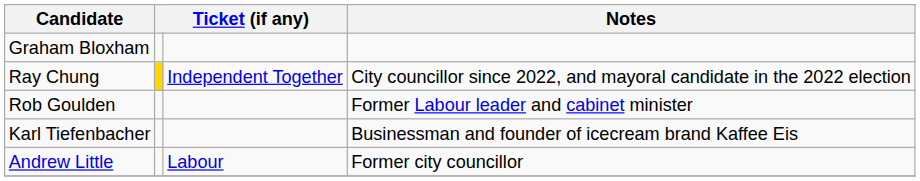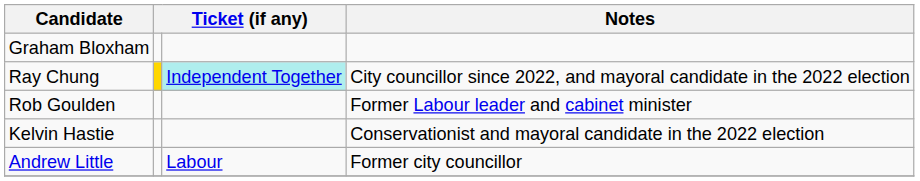 <table class="wikitable" style="font-size: 95%">
 <tr>
 <th>Candidate</th>
 <th colspan=2><a href='#'>Ticket</a> (if any)</th>
 <th>Notes</th>
 </tr>
 <tr>
 <td>Graham Bloxham</td>
 <td></td>
 <td></td>
 <td></td>
 </tr>
 <tr>
 <td>Ray Chung</td>
 <td style="background-color:gold"></td>
-<td><a href='#'>Independent Together</a></td>
+<td style="background: paleturquoise;"><a href='#'>Independent Together</a></td>
 <td>City councillor since 2022, and mayoral candidate in the 2022 election</td>
 </tr>
 <tr>
 <td>Rob Goulden</td>
 <td></td>
 <td></td>
 <td>Former <a href='#'>Labour leader</a> and <a href='#'>cabinet</a> minister</td>
 </tr>
 <tr>
-<td>Karl Tiefenbacher</td>
+<td>Kelvin Hastie</td>
 <td></td>
 <td></td>
-<td>Businessman and founder of icecream brand Kaffee Eis</td>
+<td>Conservationist and mayoral candidate in the 2022 election</td>
 </tr>
 <tr>
 <td><a href='#'>Andrew Little</a></td>
 <td style="background-color:"></td>
 <td><a href='#'>Labour</a></td>
 <td>Former city councillor</td>
 </tr>
 <tr>
 </tr>
 </table>
